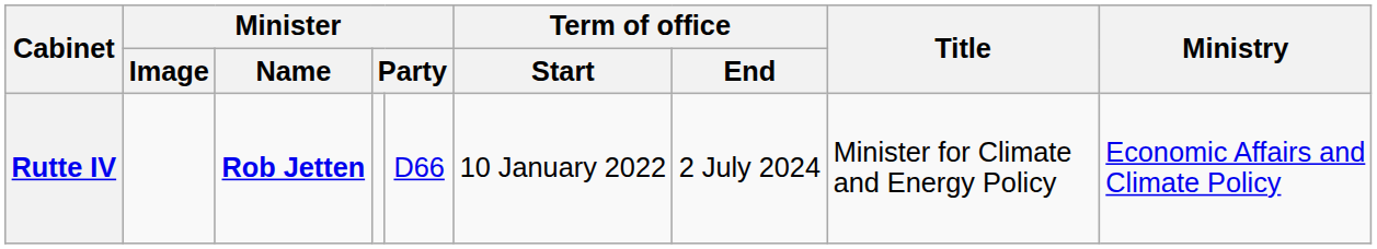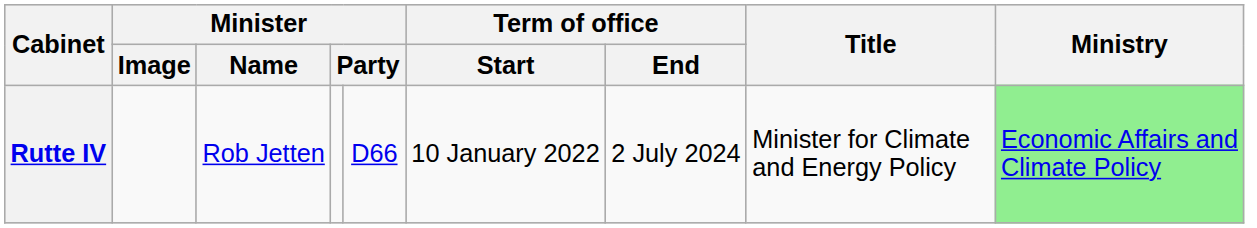 <table class="wikitable plainrowheaders">
 <tr>
 <th rowspan="2">Cabinet</th>
 <th colspan="4">Minister</th>
 <th colspan="2">Term of office</th>
 <th rowspan="2" width="150px">Title</th>
 <th rowspan="2" width="150px">Ministry</th>
 </tr>
 <tr>
 <th width="1px">Image</th>
 <th>Name</th>
 <th colspan="2">Party</th>
 <th>Start</th>
 <th>End</th>
 </tr>
 <tr>
 <th scope="row"><a href='#'>Rutte IV</a></th>
 <td height="80x"></td>
-<td><strong><a href='#'>Rob Jetten</a></strong></td>
+<td><a href='#'>Rob Jetten</a></td>
 <td style="background:"></td>
 <td style="text-align:center"><a href='#'>D66</a></td>
 <td style="text-align:center">10 January 2022</td>
 <td style="text-align:center">2 July 2024</td>
 <td>Minister for Climate and Energy Policy</td>
-<td><a href='#'>Economic Affairs and Climate Policy</a></td>
+<td style="background: lightgreen;"><a href='#'>Economic Affairs and Climate Policy</a></td>
 </tr>
 </table>
